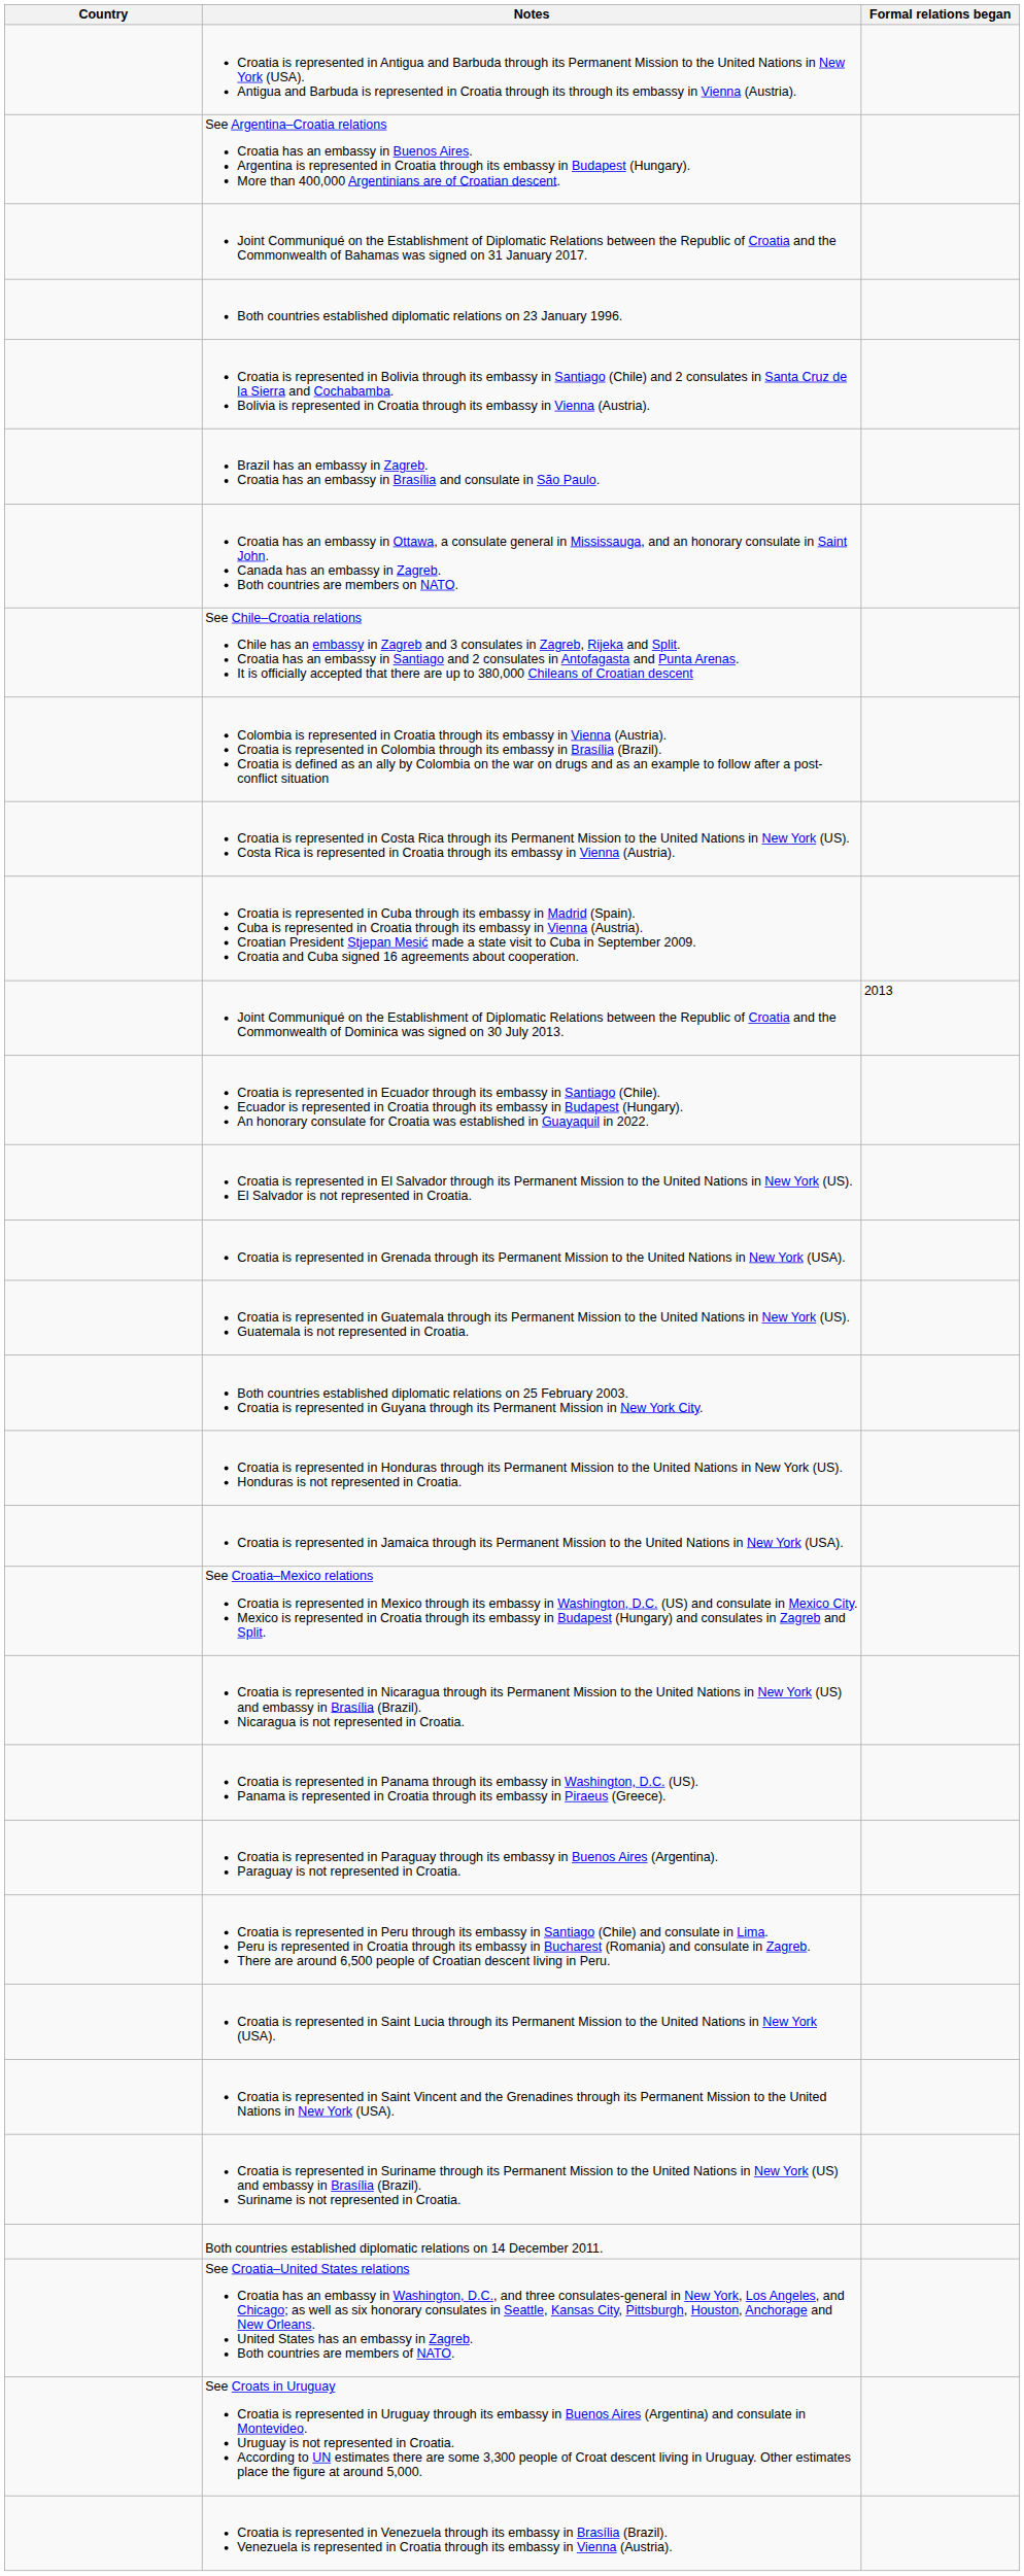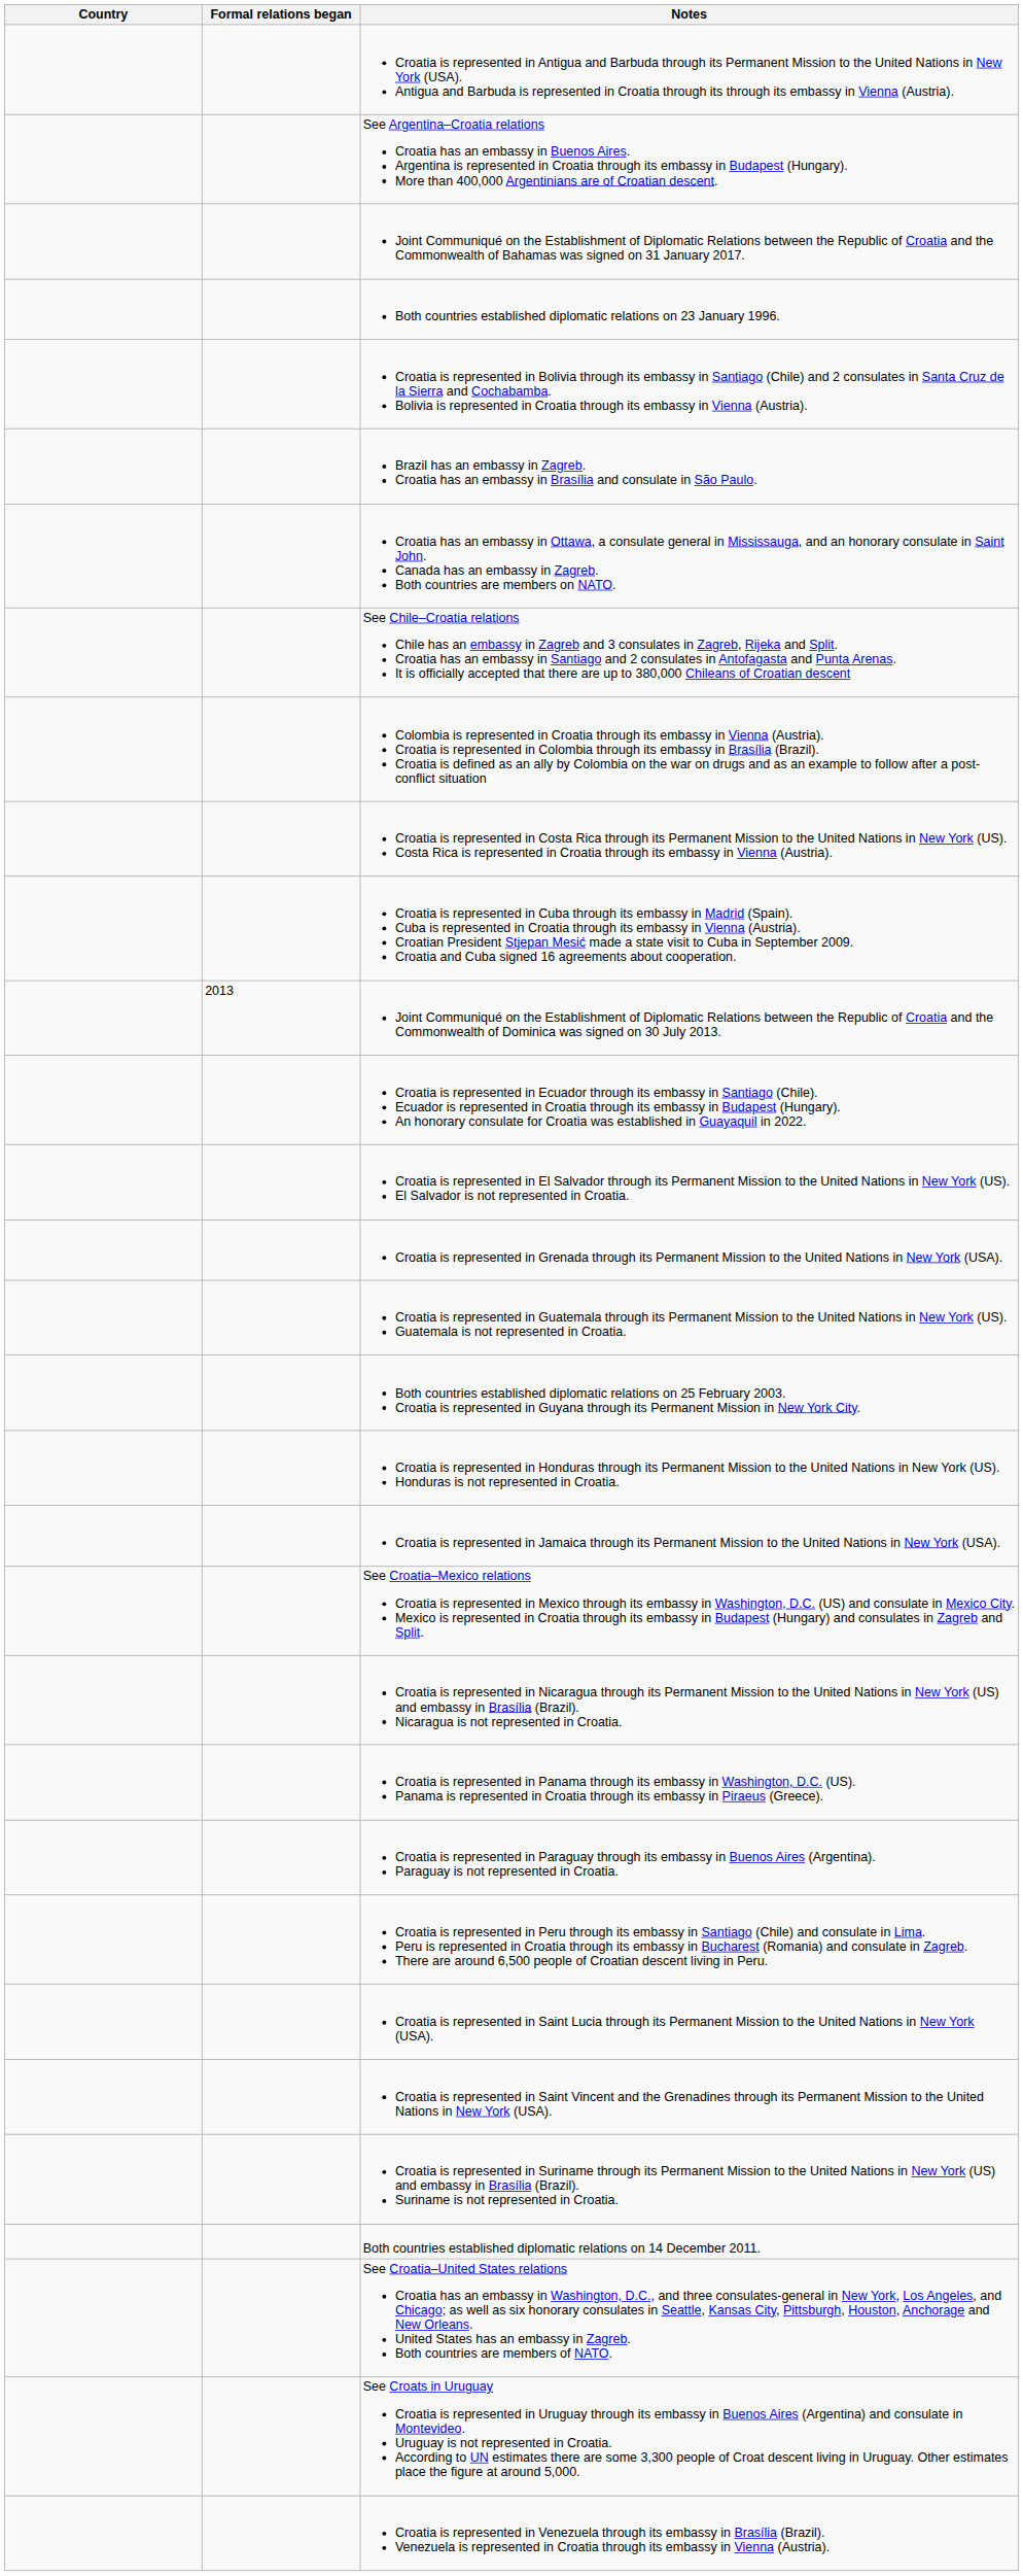 <table class="wikitable sortable" style="width:100%; margin:auto;">
 <tr>
 <th style="width:15%;">Country</th>
+<th style="width:12%;" data-sort-type="isoDate">Formal relations began</th>
 <th style="width:50%;">Notes</th>
-<th style="width:12%;" data-sort-type="isoDate">Formal relations began</th>
 </tr>
 <tr valign="top">
 <td></td>
+<td></td>
 <td><br><ul><li>Croatia is represented in Antigua and Barbuda through its Permanent Mission to the United Nations in <a href='#'>New York</a> (USA).</li><li>Antigua and Barbuda is represented in Croatia through its through its embassy in <a href='#'>Vienna</a> (Austria).</li></ul></td>
-<td></td>
 </tr>
 <tr valign="top">
 <td></td>
+<td></td>
 <td>See <a href='#'>Argentina–Croatia relations</a><br><ul><li>Croatia has an embassy in <a href='#'>Buenos Aires</a>.</li><li>Argentina is represented in Croatia through its embassy in <a href='#'>Budapest</a> (Hungary).</li><li>More than 400,000 <a href='#'>Argentinians are of Croatian descent</a>.</li></ul></td>
-<td></td>
 </tr>
 <tr valign="top">
 <td></td>
+<td></td>
 <td><br><ul><li>Joint Communiqué on the Establishment of Diplomatic Relations between the Republic of <a href='#'>Croatia</a> and the Commonwealth of Bahamas was signed on 31 January 2017.</li></ul></td>
-<td></td>
 </tr>
 <tr valign="top">
 <td></td>
+<td></td>
 <td><br><ul><li>Both countries established diplomatic relations on 23 January 1996.</li></ul></td>
-<td></td>
 </tr>
 <tr valign="top">
 <td></td>
+<td></td>
 <td><br><ul><li>Croatia is represented in Bolivia through its embassy in <a href='#'>Santiago</a> (Chile) and 2 consulates in <a href='#'>Santa Cruz de la Sierra</a> and <a href='#'>Cochabamba</a>.</li><li>Bolivia is represented in Croatia through its embassy in <a href='#'>Vienna</a> (Austria).</li></ul></td>
-<td></td>
 </tr>
 <tr valign="top">
 <td></td>
+<td></td>
 <td><br><ul><li>Brazil has an embassy in <a href='#'>Zagreb</a>.</li><li>Croatia has an embassy in <a href='#'>Brasília</a> and consulate in <a href='#'>São Paulo</a>.</li></ul></td>
-<td></td>
 </tr>
 <tr valign="top">
 <td></td>
+<td></td>
 <td><br><ul><li>Croatia has an embassy in <a href='#'>Ottawa</a>, a consulate general in <a href='#'>Mississauga</a>, and an honorary consulate in <a href='#'>Saint John</a>.</li><li>Canada has an embassy in <a href='#'>Zagreb</a>.</li><li>Both countries are members on <a href='#'>NATO</a>.</li></ul></td>
-<td></td>
 </tr>
 <tr valign="top">
 <td></td>
+<td></td>
 <td>See <a href='#'>Chile–Croatia relations</a><br><ul><li>Chile has an <a href='#'>embassy</a> in <a href='#'>Zagreb</a> and 3 consulates in <a href='#'>Zagreb</a>, <a href='#'>Rijeka</a> and <a href='#'>Split</a>.</li><li>Croatia has an embassy in <a href='#'>Santiago</a> and 2 consulates in <a href='#'>Antofagasta</a> and <a href='#'>Punta Arenas</a>.</li><li>It is officially accepted that there are up to 380,000 <a href='#'>Chileans of Croatian descent</a></li></ul></td>
-<td></td>
 </tr>
 <tr valign="top">
 <td></td>
+<td></td>
 <td><br><ul><li>Colombia is represented in Croatia through its embassy in <a href='#'>Vienna</a> (Austria).</li><li>Croatia is represented in Colombia through its embassy in <a href='#'>Brasília</a> (Brazil).</li><li>Croatia is defined as an ally by Colombia on the war on drugs and as an example to follow after a post-conflict situation</li></ul></td>
-<td></td>
 </tr>
 <tr valign="top">
 <td></td>
+<td></td>
 <td><br><ul><li>Croatia is represented in Costa Rica through its Permanent Mission to the United Nations in <a href='#'>New York</a> (US).</li><li>Costa Rica is represented in Croatia through its embassy in <a href='#'>Vienna</a> (Austria).</li></ul></td>
-<td></td>
 </tr>
 <tr valign="top">
 <td></td>
+<td></td>
 <td><br><ul><li>Croatia is represented in Cuba through its embassy in <a href='#'>Madrid</a> (Spain).</li><li>Cuba is represented in Croatia through its embassy in <a href='#'>Vienna</a> (Austria).</li><li>Croatian President <a href='#'>Stjepan Mesić</a> made a state visit to Cuba in September 2009.</li><li>Croatia and Cuba signed 16 agreements about cooperation.</li></ul></td>
-<td></td>
 </tr>
 <tr valign="top">
 <td></td>
+<td>2013</td>
 <td><br><ul><li>Joint Communiqué on the Establishment of Diplomatic Relations between the Republic of <a href='#'>Croatia</a> and the Commonwealth of Dominica was signed on 30 July 2013.</li></ul></td>
-<td>2013</td>
 </tr>
 <tr valign="top">
 <td></td>
+<td></td>
 <td><br><ul><li>Croatia is represented in Ecuador through its embassy in <a href='#'>Santiago</a> (Chile).</li><li>Ecuador is represented in Croatia through its embassy in <a href='#'>Budapest</a> (Hungary).</li><li>An honorary consulate for Croatia was established in <a href='#'>Guayaquil</a> in 2022.</li></ul></td>
-<td></td>
 </tr>
 <tr valign="top">
 <td></td>
+<td></td>
 <td><br><ul><li>Croatia is represented in El Salvador through its Permanent Mission to the United Nations in <a href='#'>New York</a> (US).</li><li>El Salvador is not represented in Croatia.</li></ul></td>
-<td></td>
 </tr>
 <tr valign="top">
 <td></td>
+<td></td>
 <td><br><ul><li>Croatia is represented in Grenada through its Permanent Mission to the United Nations in <a href='#'>New York</a> (USA).</li></ul></td>
-<td></td>
 </tr>
 <tr valign="top">
 <td></td>
+<td></td>
 <td><br><ul><li>Croatia is represented in Guatemala through its Permanent Mission to the United Nations in <a href='#'>New York</a> (US).</li><li>Guatemala is not represented in Croatia.</li></ul></td>
-<td></td>
 </tr>
 <tr valign="top">
 <td></td>
+<td></td>
 <td><br><ul><li>Both countries established diplomatic relations on 25 February 2003.</li><li>Croatia is represented in Guyana through its Permanent Mission in <a href='#'>New York City</a>.</li></ul></td>
-<td></td>
 </tr>
 <tr valign="top">
 <td></td>
+<td></td>
 <td><br><ul><li>Croatia is represented in Honduras through its Permanent Mission to the United Nations in New York (US).</li><li>Honduras is not represented in Croatia.</li></ul></td>
-<td></td>
 </tr>
 <tr valign="top">
 <td></td>
+<td></td>
 <td><br><ul><li>Croatia is represented in Jamaica through its Permanent Mission to the United Nations in <a href='#'>New York</a> (USA).</li></ul></td>
-<td></td>
 </tr>
 <tr valign="top">
 <td></td>
+<td></td>
 <td>See <a href='#'>Croatia–Mexico relations</a><br><ul><li>Croatia is represented in Mexico through its embassy in <a href='#'>Washington, D.C.</a> (US) and consulate in <a href='#'>Mexico City</a>.</li><li>Mexico is represented in Croatia through its embassy in <a href='#'>Budapest</a> (Hungary) and consulates in <a href='#'>Zagreb</a> and <a href='#'>Split</a>.</li></ul></td>
-<td></td>
 </tr>
 <tr valign="top">
 <td></td>
+<td></td>
 <td><br><ul><li>Croatia is represented in Nicaragua through its Permanent Mission to the United Nations in <a href='#'>New York</a> (US) and embassy in <a href='#'>Brasília</a> (Brazil).</li><li>Nicaragua is not represented in Croatia.</li></ul></td>
-<td></td>
 </tr>
 <tr valign="top">
 <td></td>
+<td></td>
 <td><br><ul><li>Croatia is represented in Panama through its embassy in <a href='#'>Washington, D.C.</a> (US).</li><li>Panama is represented in Croatia through its embassy in <a href='#'>Piraeus</a> (Greece).</li></ul></td>
-<td></td>
 </tr>
 <tr valign="top">
 <td></td>
+<td></td>
 <td><br><ul><li>Croatia is represented in Paraguay through its embassy in <a href='#'>Buenos Aires</a> (Argentina).</li><li>Paraguay is not represented in Croatia.</li></ul></td>
-<td></td>
 </tr>
 <tr valign="top">
 <td></td>
+<td></td>
 <td><br><ul><li>Croatia is represented in Peru through its embassy in <a href='#'>Santiago</a> (Chile) and consulate in <a href='#'>Lima</a>.</li><li>Peru is represented in Croatia through its embassy in <a href='#'>Bucharest</a> (Romania) and consulate in <a href='#'>Zagreb</a>.</li><li>There are around 6,500 people of Croatian descent living in Peru.</li></ul></td>
-<td></td>
 </tr>
 <tr valign="top">
 <td></td>
+<td></td>
 <td><br><ul><li>Croatia is represented in Saint Lucia through its Permanent Mission to the United Nations in <a href='#'>New York</a> (USA).</li></ul></td>
-<td></td>
 </tr>
 <tr valign="top">
 <td></td>
+<td></td>
 <td><br><ul><li>Croatia is represented in Saint Vincent and the Grenadines through its Permanent Mission to the United Nations in <a href='#'>New York</a> (USA).</li></ul></td>
-<td></td>
 </tr>
 <tr valign="top">
 <td></td>
+<td></td>
 <td><br><ul><li>Croatia is represented in Suriname through its Permanent Mission to the United Nations in <a href='#'>New York</a> (US) and embassy in <a href='#'>Brasília</a> (Brazil).</li><li>Suriname is not represented in Croatia.</li></ul></td>
-<td></td>
 </tr>
 <tr valign="top">
 <td></td>
+<td></td>
 <td><br>Both countries established diplomatic relations on 14 December 2011.</td>
-<td></td>
 </tr>
 <tr valign="top">
 <td></td>
+<td></td>
 <td>See <a href='#'>Croatia–United States relations</a><br><ul><li>Croatia has an embassy in <a href='#'>Washington, D.C.</a>, and three consulates-general in <a href='#'>New York</a>, <a href='#'>Los Angeles</a>, and <a href='#'>Chicago</a>; as well as six honorary consulates in <a href='#'>Seattle</a>, <a href='#'>Kansas City</a>, <a href='#'>Pittsburgh</a>, <a href='#'>Houston</a>, <a href='#'>Anchorage</a> and <a href='#'>New Orleans</a>.</li><li>United States has an embassy in <a href='#'>Zagreb</a>.</li><li>Both countries are members of <a href='#'>NATO</a>.</li></ul></td>
-<td></td>
 </tr>
 <tr valign="top">
 <td></td>
+<td></td>
 <td>See <a href='#'>Croats in Uruguay</a><br><ul><li>Croatia is represented in Uruguay through its embassy in <a href='#'>Buenos Aires</a> (Argentina) and consulate in <a href='#'>Montevideo</a>.</li><li>Uruguay is not represented in Croatia.</li><li>According to <a href='#'>UN</a> estimates there are some 3,300 people of Croat descent living in Uruguay. Other estimates place the figure at around 5,000.</li></ul></td>
-<td></td>
 </tr>
 <tr valign="top">
 <td></td>
+<td></td>
 <td><br><ul><li>Croatia is represented in Venezuela through its embassy in <a href='#'>Brasília</a> (Brazil).</li><li>Venezuela  is represented in Croatia through its embassy in <a href='#'>Vienna</a> (Austria).</li></ul></td>
-<td></td>
 </tr>
 </table>
